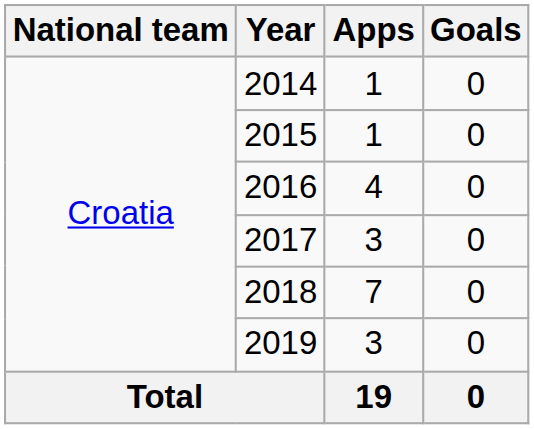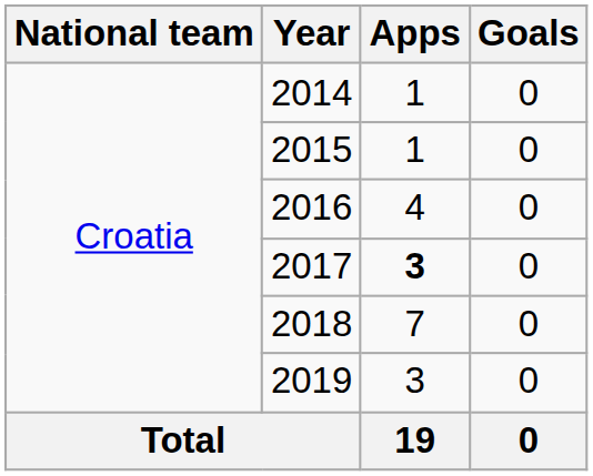 <table class="wikitable" style="text-align:center">
 <tr>
 <th>National team</th>
 <th>Year</th>
 <th>Apps</th>
 <th>Goals</th>
 </tr>
 <tr>
 <td rowspan="6"><a href='#'>Croatia</a></td>
 <td>2014</td>
 <td>1</td>
 <td>0</td>
 </tr>
 <tr>
 <td>2015</td>
 <td>1</td>
 <td>0</td>
 </tr>
 <tr>
 <td>2016</td>
 <td>4</td>
 <td>0</td>
 </tr>
 <tr>
 <td>2017</td>
-<td>3</td>
+<td><strong>3</strong></td>
 <td>0</td>
 </tr>
 <tr>
 <td>2018</td>
 <td>7</td>
 <td>0</td>
 </tr>
 <tr>
 <td>2019</td>
 <td>3</td>
 <td>0</td>
 </tr>
 <tr>
 <th colspan="2">Total</th>
 <th>19</th>
 <th>0</th>
 </tr>
 </table>
